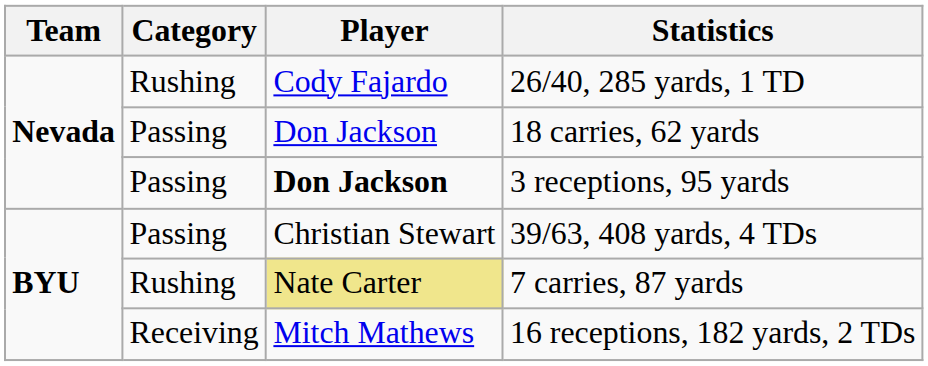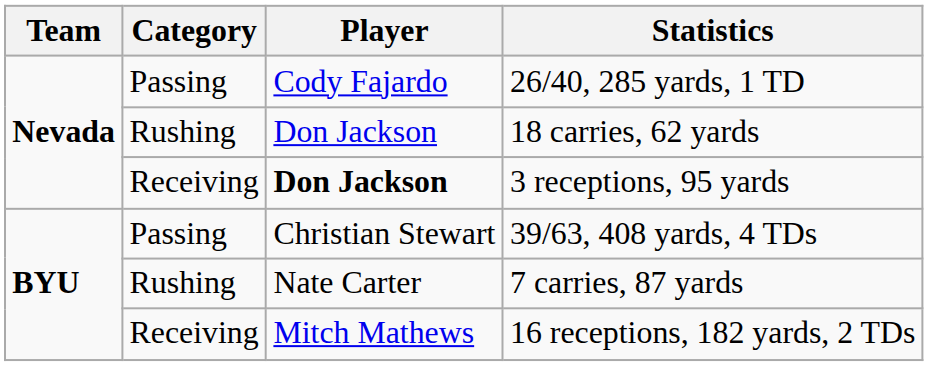 <table class="wikitable" style="float: left;">
 <tr>
 <th>Team</th>
 <th>Category</th>
 <th>Player</th>
 <th>Statistics</th>
 </tr>
 <tr>
 <td rowspan=3><strong>Nevada</strong></td>
-<td>Rushing</td>
+<td>Passing</td>
 <td><a href='#'>Cody Fajardo</a></td>
 <td>26/40, 285 yards, 1 TD</td>
 </tr>
 <tr>
-<td>Passing</td>
+<td>Rushing</td>
 <td><a href='#'>Don Jackson</a></td>
 <td>18 carries, 62 yards</td>
 </tr>
 <tr>
-<td>Passing</td>
+<td>Receiving</td>
 <td><strong>Don Jackson</strong></td>
 <td>3 receptions, 95 yards</td>
 </tr>
 <tr>
 <td rowspan=3><strong>BYU</strong></td>
 <td>Passing</td>
 <td>Christian Stewart</td>
 <td>39/63, 408 yards, 4 TDs</td>
 </tr>
 <tr>
 <td>Rushing</td>
-<td style="background: khaki;">Nate Carter</td>
+<td>Nate Carter</td>
 <td>7 carries, 87 yards</td>
 </tr>
 <tr>
 <td>Receiving</td>
 <td><a href='#'>Mitch Mathews</a></td>
 <td>16 receptions, 182 yards, 2 TDs</td>
 </tr>
 </table>
